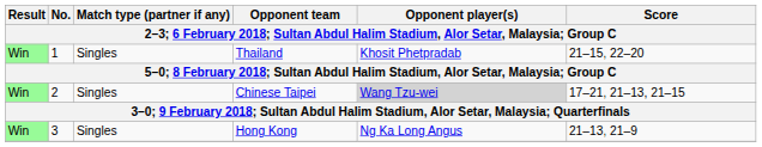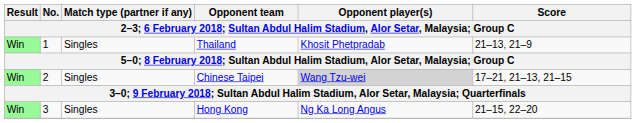 <table class=wikitable>
 <tr>
 <th scope="col">Result</th>
 <th scope="col">No.</th>
 <th scope="col">Match type (partner if any)</th>
 <th scope="col" style="width:155px;">Opponent team</th>
 <th scope="col" style="width:265px;">Opponent player(s)</th>
 <th scope="col" style="width:240px;">Score</th>
 </tr>
 <tr>
 <th colspan=7>2–3; <a href='#'>6 February 2018</a>; <a href='#'>Sultan Abdul Halim Stadium</a>, <a href='#'>Alor Setar</a>, Malaysia; Group C</th>
 </tr>
 <tr>
 <td bgcolor=98FB98>Win</td>
 <td>1</td>
 <td>Singles</td>
 <td> <a href='#'>Thailand</a></td>
 <td><a href='#'>Khosit Phetpradab</a></td>
-<td>21–15, 22–20</td>
+<td>21–13, 21–9</td>
 </tr>
 <tr>
 <th colspan=7>5–0; <a href='#'>8 February 2018</a>; Sultan Abdul Halim Stadium, Alor Setar, Malaysia; Group C</th>
 </tr>
 <tr>
 <td bgcolor=98FB98>Win</td>
 <td>2</td>
 <td>Singles</td>
 <td> <a href='#'>Chinese Taipei</a></td>
 <td style="background: lightgrey;"><a href='#'>Wang Tzu-wei</a></td>
 <td>17–21, 21–13, 21–15</td>
 </tr>
 <tr>
 <th colspan=7>3–0; <a href='#'>9 February 2018</a>; Sultan Abdul Halim Stadium, Alor Setar, Malaysia; Quarterfinals</th>
 </tr>
 <tr>
 <td bgcolor=98FB98>Win</td>
 <td>3</td>
 <td>Singles</td>
 <td> <a href='#'>Hong Kong</a></td>
 <td><a href='#'>Ng Ka Long Angus</a></td>
-<td>21–13, 21–9</td>
+<td>21–15, 22–20</td>
 </tr>
 <tr>
 </tr>
 </table>
